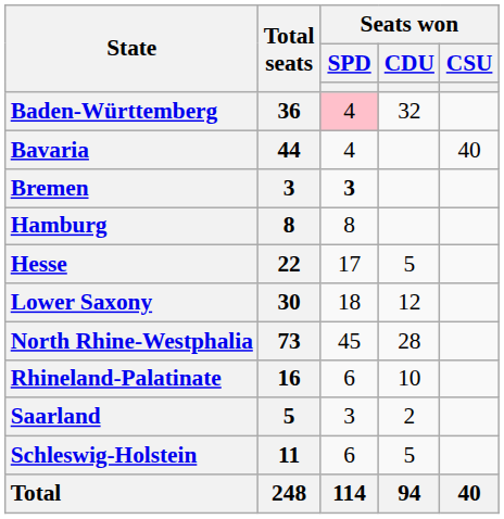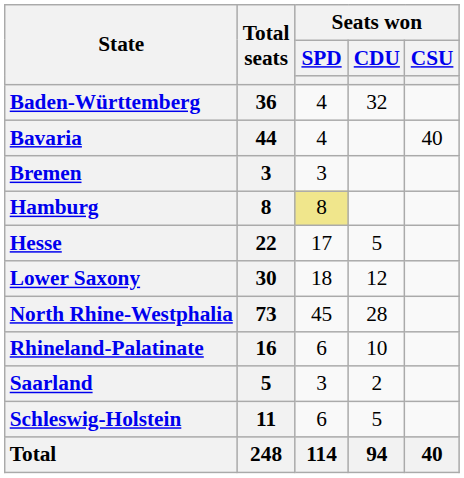 <table class="wikitable" style="text-align:center; font-size: 0.9em;">
 <tr>
 <th rowspan="3">State</th>
 <th rowspan="3">Total<br>seats</th>
 <th colspan="3">Seats won</th>
 </tr>
 <tr>
 <th class="unsortable" style="width:30px;"><a href='#'>SPD</a></th>
 <th class="unsortable" style="width:30px;"><a href='#'>CDU</a></th>
 <th class="unsortable" style="width:30px;"><a href='#'>CSU</a></th>
 </tr>
 <tr>
 <th style="background:"></th>
 <th style="background:"></th>
 <th style="background:"></th>
 </tr>
 <tr>
 <th style="text-align: left;"><a href='#'>Baden-Württemberg</a></th>
 <th>36</th>
-<td style="background: pink;">4</td>
+<td>4</td>
 <td>32</td>
 <td></td>
 </tr>
 <tr>
 <th style="text-align: left;"><a href='#'>Bavaria</a></th>
 <th>44</th>
 <td>4</td>
 <td></td>
 <td>40</td>
 </tr>
 <tr>
 <th style="text-align: left;"><a href='#'>Bremen</a></th>
 <th>3</th>
-<td><strong>3</strong></td>
+<td>3</td>
 <td></td>
 <td></td>
 </tr>
 <tr>
 <th style="text-align: left;"><a href='#'>Hamburg</a></th>
 <th>8</th>
-<td>8</td>
+<td style="background: khaki;">8</td>
 <td></td>
 <td></td>
 </tr>
 <tr>
 <th style="text-align: left;"><a href='#'>Hesse</a></th>
 <th>22</th>
 <td>17</td>
 <td>5</td>
 <td></td>
 </tr>
 <tr>
 <th style="text-align: left;"><a href='#'>Lower Saxony</a></th>
 <th>30</th>
 <td>18</td>
 <td>12</td>
 <td></td>
 </tr>
 <tr>
 <th style="text-align: left;"><a href='#'>North Rhine-Westphalia</a></th>
 <th>73</th>
 <td>45</td>
 <td>28</td>
 <td></td>
 </tr>
 <tr>
 <th style="text-align: left;"><a href='#'>Rhineland-Palatinate</a></th>
 <th>16</th>
 <td>6</td>
 <td>10</td>
 <td></td>
 </tr>
 <tr>
 <th style="text-align: left;"><a href='#'>Saarland</a></th>
 <th>5</th>
 <td>3</td>
 <td>2</td>
 <td></td>
 </tr>
 <tr>
 <th style="text-align: left;"><a href='#'>Schleswig-Holstein</a></th>
 <th>11</th>
 <td>6</td>
 <td>5</td>
 <td></td>
 </tr>
 <tr class="sortbottom">
 <th style="text-align: left;">Total</th>
 <th>248</th>
 <th>114</th>
 <th>94</th>
 <th>40</th>
 </tr>
 </table>
